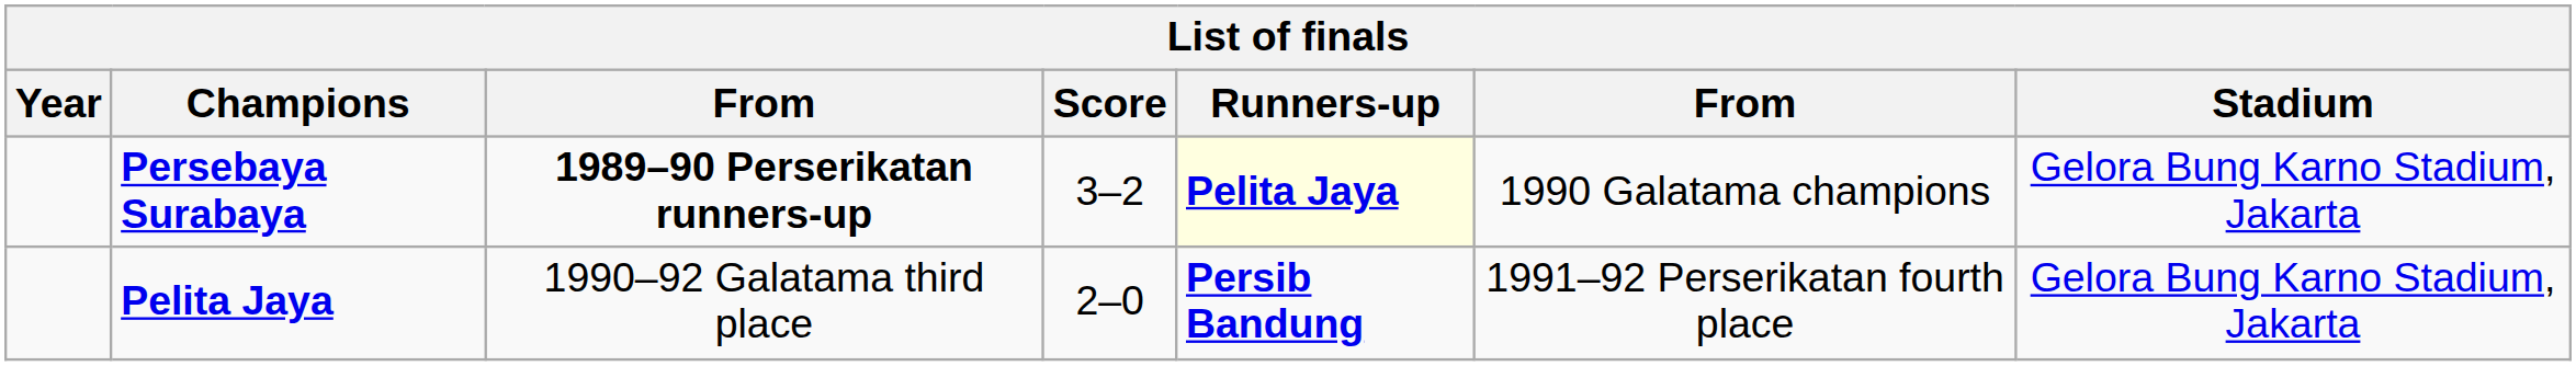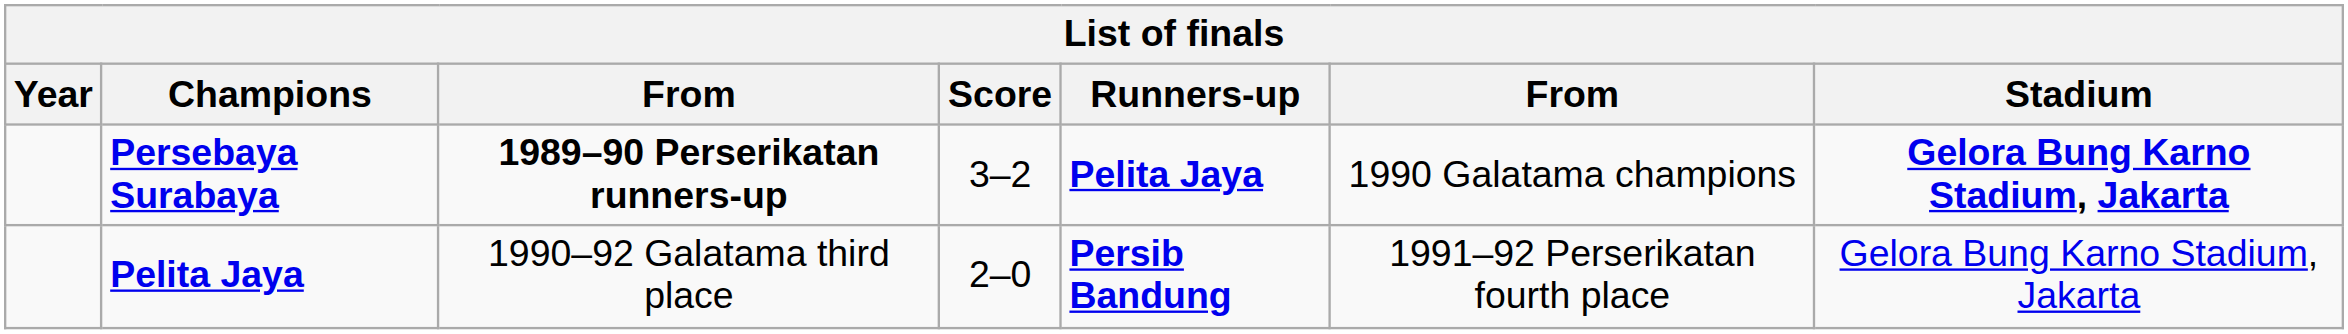 <table class="wikitable" style="width:1000px";>
 <tr>
 <th colspan="7">List of finals</th>
 </tr>
 <tr>
 <th>Year</th>
 <th>Champions</th>
 <th>From</th>
 <th>Score</th>
 <th>Runners-up</th>
 <th>From</th>
 <th>Stadium</th>
 </tr>
 <tr>
 <td align="center"></td>
 <td><strong><a href='#'>Persebaya Surabaya</a></strong></td>
 <td align="center"><strong>1989–90 Perserikatan runners-up</strong></td>
 <td align="center">3–2</td>
-<td style="background: lightyellow;"><strong><a href='#'>Pelita Jaya</a></strong></td>
+<td><strong><a href='#'>Pelita Jaya</a></strong></td>
 <td align="center">1990 Galatama champions</td>
-<td align="center"><a href='#'>Gelora Bung Karno Stadium</a>, <a href='#'>Jakarta</a></td>
+<td align="center"><strong><a href='#'>Gelora Bung Karno Stadium</a>, <a href='#'>Jakarta</a></strong></td>
 </tr>
 <tr>
 <td align="center"></td>
 <td><strong><a href='#'>Pelita Jaya</a></strong></td>
 <td align="center">1990–92 Galatama third place</td>
 <td align="center">2–0</td>
 <td><strong><a href='#'>Persib Bandung</a></strong></td>
 <td align="center">1991–92 Perserikatan fourth place</td>
 <td align="center"><a href='#'>Gelora Bung Karno Stadium</a>, <a href='#'>Jakarta</a></td>
 </tr>
 </table>
